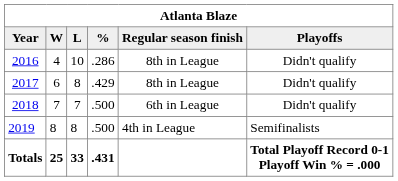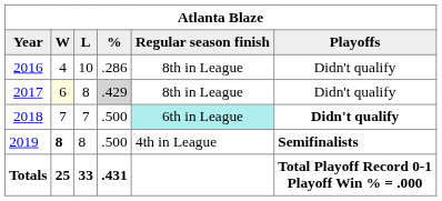 <table class="toccolours" border="1" cellpadding="4" cellspacing="2" style="border-collapse: collapse;">
 <tr>
 <td colspan="6" align="center"><strong>Atlanta Blaze</strong></td>
 </tr>
 <tr bgcolor="#efefef">
 <th>Year</th>
 <th>W</th>
 <th>L</th>
 <th>%</th>
 <th>Regular season finish</th>
 <th>Playoffs</th>
 </tr>
 <tr ALIGN=center>
 <td><a href='#'>2016</a></td>
 <td>4</td>
 <td>10</td>
 <td>.286</td>
 <td>8th in League</td>
 <td>Didn't qualify</td>
 </tr>
 <tr ALIGN=center>
 <td><a href='#'>2017</a></td>
-<td>6</td>
+<td style="background: lightyellow;">6</td>
 <td>8</td>
-<td>.429</td>
+<td style="background: lightgrey;">.429</td>
 <td>8th in League</td>
 <td>Didn't qualify</td>
 </tr>
 <tr ALIGN=center>
 <td><a href='#'>2018</a></td>
 <td>7</td>
 <td>7</td>
 <td>.500</td>
-<td>6th in League</td>
-<td>Didn't qualify</td>
+<td style="background: paleturquoise;">6th in League</td>
+<td><strong>Didn't qualify</strong></td>
 </tr>
 <tr>
 <td><a href='#'>2019</a></td>
-<td>8</td>
+<td><strong>8</strong></td>
 <td>8</td>
 <td>.500</td>
 <td>4th in League</td>
-<td>Semifinalists</td>
+<td><strong>Semifinalists</strong></td>
 </tr>
 <tr align="center">
 <th><strong>Totals</strong></th>
 <th>25</th>
 <th>33</th>
 <th>.431</th>
 <th></th>
 <th><strong>Total Playoff Record 0-1</strong> <br> <strong>Playoff Win % = .000</strong></th>
 </tr>
 </table>
